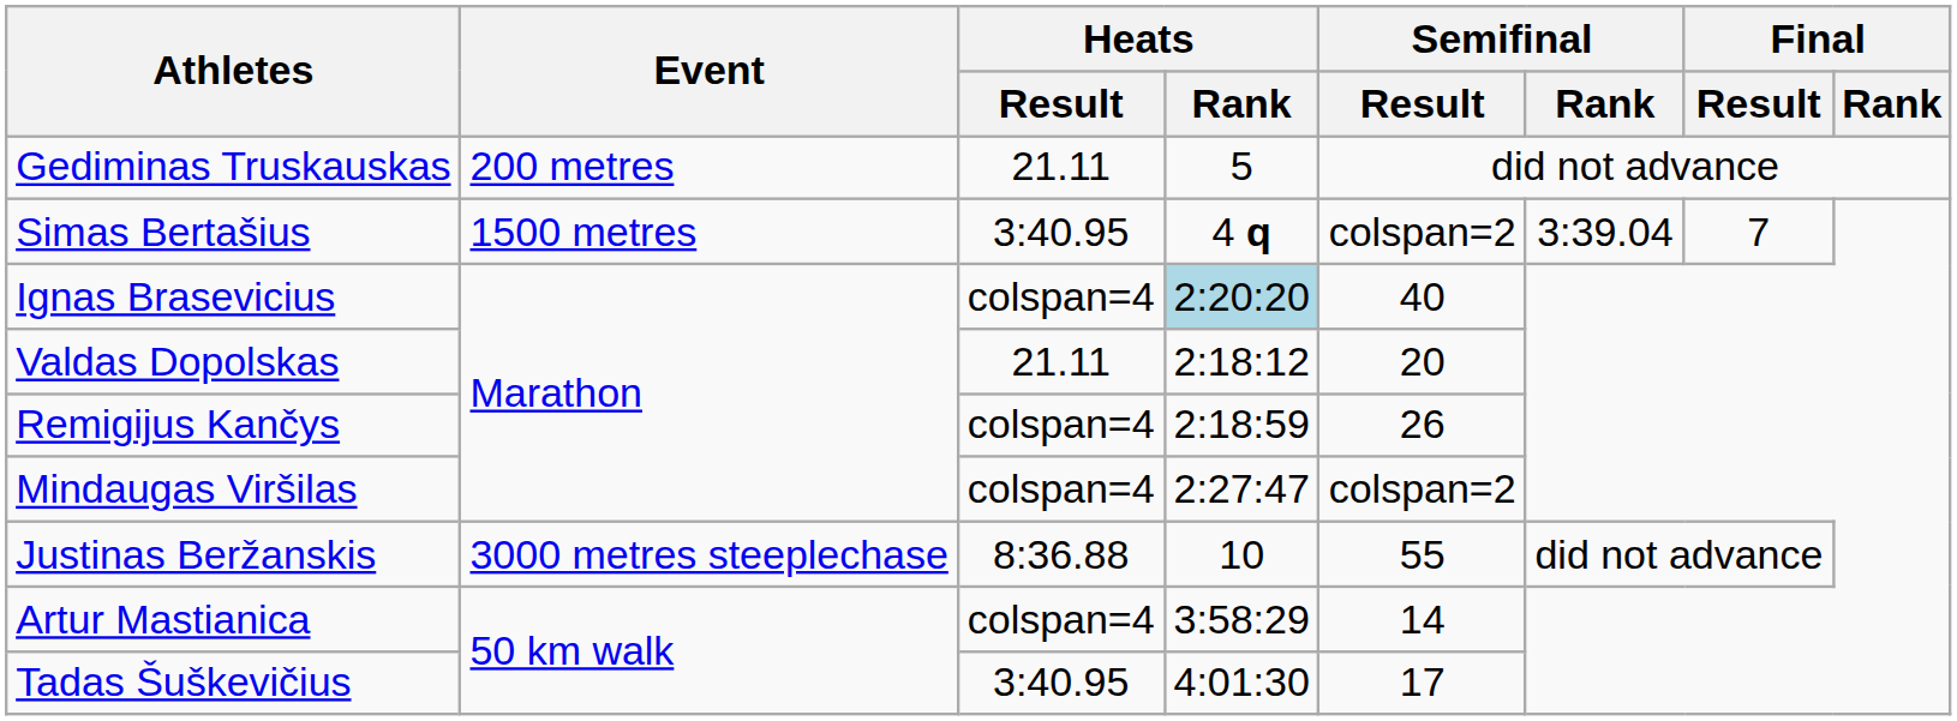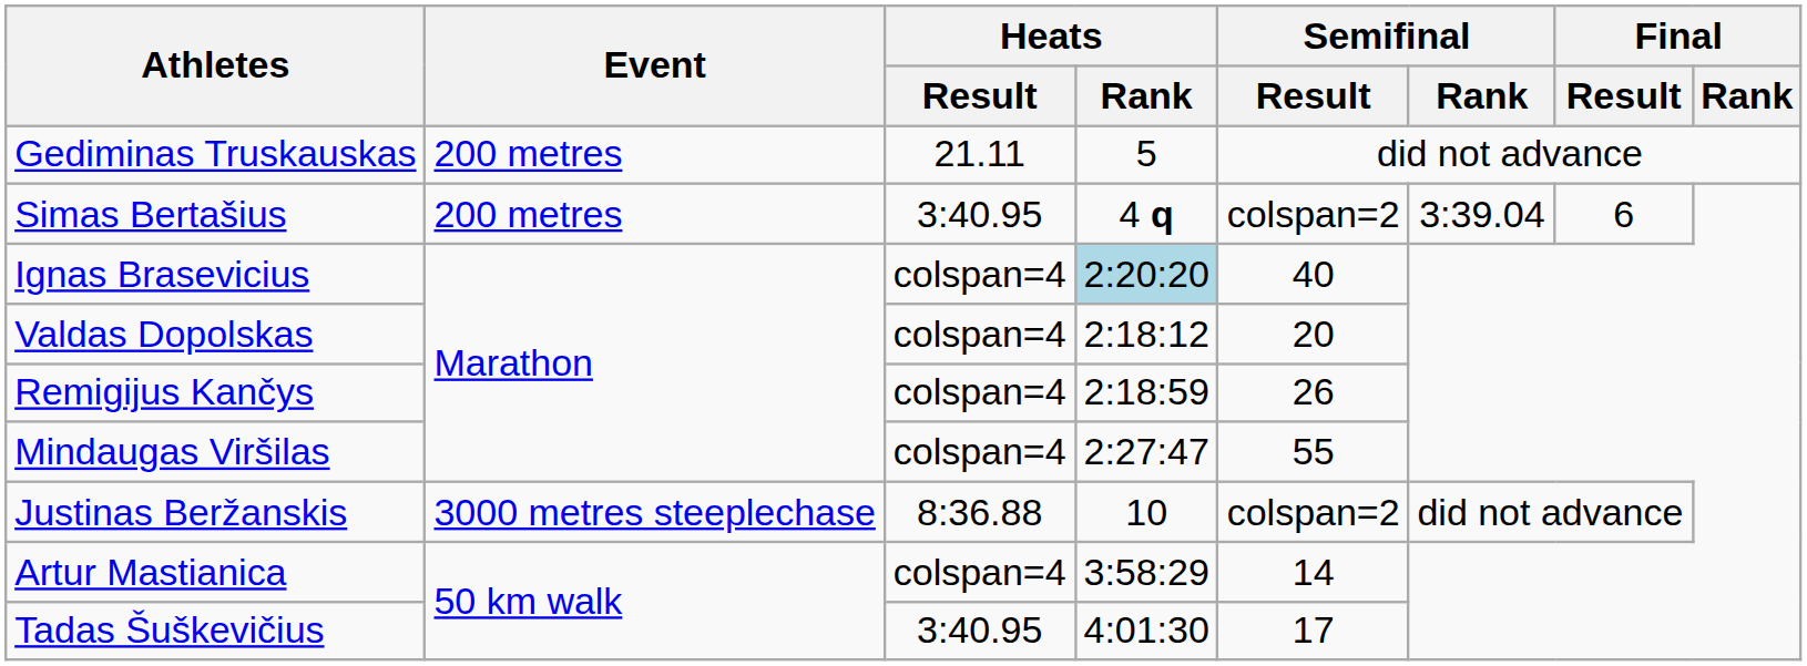 <table class="wikitable" border="1" style="font-size:90%">
 <tr>
 <th rowspan="2">Athletes</th>
 <th rowspan="2">Event</th>
 <th colspan="2">Heats</th>
 <th colspan="2">Semifinal</th>
 <th colspan="2">Final</th>
 </tr>
 <tr>
 <th>Result</th>
 <th>Rank</th>
 <th>Result</th>
 <th>Rank</th>
 <th>Result</th>
 <th>Rank</th>
 </tr>
 <tr>
 <td><a href='#'>Gediminas Truskauskas</a></td>
 <td><a href='#'>200 metres</a></td>
 <td align=center>21.11</td>
 <td align=center>5</td>
 <td align=center colspan=4>did not advance</td>
 </tr>
 <tr>
 <td><a href='#'>Simas Bertašius</a></td>
-<td><a href='#'>1500 metres</a></td>
+<td><a href='#'>200 metres</a></td>
 <td align=center>3:40.95</td>
 <td align=center>4 <strong>q</strong></td>
 <td>colspan=2</td>
 <td align=center>3:39.04</td>
-<td align=center>7</td>
+<td align=center>6</td>
 </tr>
 <tr>
 <td><a href='#'>Ignas Brasevicius</a></td>
 <td rowspan=4><a href='#'>Marathon</a></td>
 <td>colspan=4</td>
 <td align=center style="background: lightblue;">2:20:20</td>
 <td align=center>40</td>
 </tr>
 <tr>
 <td><a href='#'>Valdas Dopolskas</a></td>
-<td align=center>21.11</td>
+<td>colspan=4</td>
 <td align=center>2:18:12</td>
 <td align=center>20</td>
 </tr>
 <tr>
 <td><a href='#'>Remigijus Kančys</a></td>
 <td>colspan=4</td>
 <td align=center>2:18:59</td>
 <td align=center>26</td>
 </tr>
 <tr>
 <td><a href='#'>Mindaugas Viršilas</a></td>
 <td>colspan=4</td>
 <td align=center>2:27:47</td>
-<td>colspan=2</td>
+<td align=center>55</td>
 </tr>
 <tr>
 <td><a href='#'>Justinas Beržanskis</a></td>
 <td><a href='#'>3000 metres steeplechase</a></td>
 <td align=center>8:36.88 <strong></strong></td>
 <td align=center>10</td>
-<td align=center>55</td>
+<td>colspan=2</td>
 <td align=center colspan=2>did not advance</td>
 </tr>
 <tr>
 <td><a href='#'>Artur Mastianica</a></td>
 <td rowspan=2><a href='#'>50 km walk</a></td>
 <td>colspan=4</td>
 <td align=center>3:58:29 <strong></strong></td>
 <td align=center>14</td>
 </tr>
 <tr>
 <td><a href='#'>Tadas Šuškevičius</a></td>
 <td align=center>3:40.95</td>
 <td align=center>4:01:30</td>
 <td align=center>17</td>
 </tr>
 </table>
